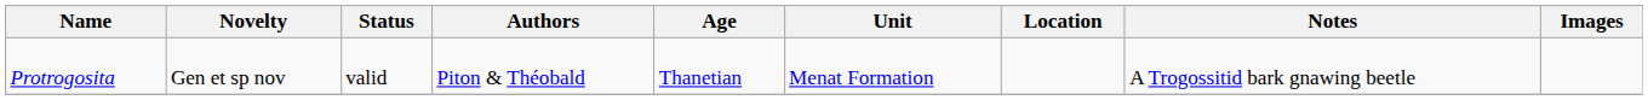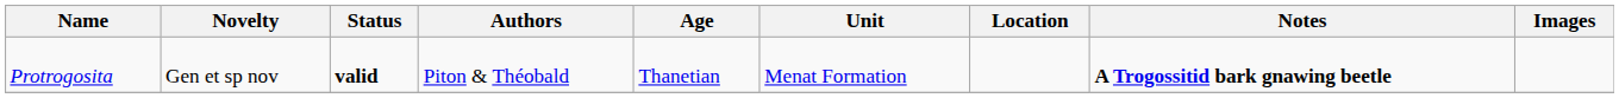 <table class="wikitable sortable" align="center" width="100%">
 <tr>
 <th>Name</th>
 <th>Novelty</th>
 <th>Status</th>
 <th>Authors</th>
 <th>Age</th>
 <th>Unit</th>
 <th>Location</th>
 <th>Notes</th>
 <th>Images</th>
 </tr>
 <tr>
 <td><br><em><a href='#'>Protrogosita</a></em></td>
 <td><br>Gen et sp nov</td>
-<td><br>valid</td>
+<td><strong><br>valid</strong></td>
 <td><br><a href='#'>Piton</a> & <a href='#'>Théobald</a></td>
 <td><br><a href='#'>Thanetian</a></td>
 <td><br><a href='#'>Menat Formation</a></td>
 <td><br></td>
-<td><br>A <a href='#'>Trogossitid</a> bark gnawing beetle</td>
+<td><strong><br>A <a href='#'>Trogossitid</a> bark gnawing beetle</strong></td>
 <td><br></td>
 </tr>
 <tr>
 </tr>
 </table>
